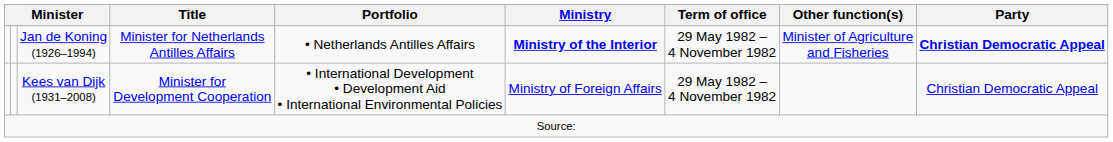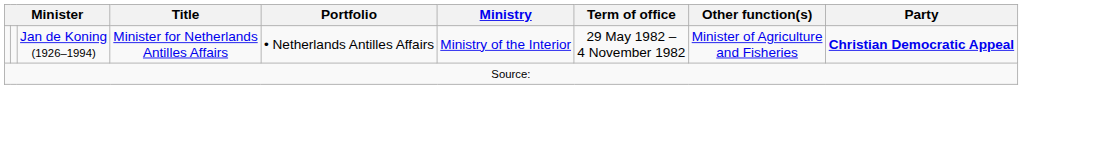 <table class="wikitable" style="text-align:center">
 <tr>
 <th colspan=3>Minister</th>
 <th>Title</th>
 <th>Portfolio</th>
 <th><a href='#'>Ministry</a></th>
 <th>Term of office</th>
 <th>Other function(s)</th>
 <th>Party</th>
 </tr>
 <tr>
 <td style="background:"></td>
 <td></td>
 <td><a href='#'>Jan de Koning</a> <br> <small>(1926–1994)</small></td>
 <td><a href='#'>Minister for Netherlands <br> Antilles Affairs</a></td>
 <td>• Netherlands Antilles Affairs</td>
-<td><strong><a href='#'>Ministry of the Interior</a></strong></td>
+<td><a href='#'>Ministry of the Interior</a></td>
 <td>29 May 1982 – <br> 4 November 1982</td>
 <td><a href='#'>Minister of Agriculture <br> and Fisheries</a></td>
 <td><strong><a href='#'>Christian Democratic Appeal</a></strong></td>
 </tr>
 <tr>
-<td style="background:"></td>
-<td></td>
-<td><a href='#'>Kees van Dijk</a> <br> <small>(1931–2008)</small></td>
-<td><a href='#'>Minister for <br> Development Cooperation</a></td>
-<td>• International Development <br> • Development Aid <br> • International Environmental Policies</td>
-<td><a href='#'>Ministry of Foreign Affairs</a></td>
-<td>29 May 1982 – <br> 4 November 1982</td>
-<td></td>
-<td><a href='#'>Christian Democratic Appeal</a></td>
-</tr>
-<tr>
 <td colspan=9><small>Source:</small></td>
 </tr>
 </table>
